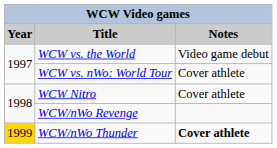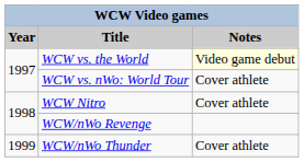 <table class="wikitable sortable">
 <tr style="text-align:center;">
 <th colspan=4 style="background:#B0C4DE;">WCW Video games</th>
 </tr>
 <tr style="text-align:center;">
 <th style="background:#ccc;">Year</th>
 <th style="background:#ccc;">Title</th>
 <th style="background:#ccc;">Notes</th>
 </tr>
 <tr>
 <td rowspan="2">1997</td>
 <td><em><a href='#'>WCW vs. the World</a></em></td>
-<td>Video game debut</td>
+<td style="background: lightyellow;">Video game debut</td>
 </tr>
 <tr>
 <td><em><a href='#'>WCW vs. nWo: World Tour</a></em></td>
 <td>Cover athlete</td>
 </tr>
 <tr>
 <td rowspan="2">1998</td>
 <td><em><a href='#'>WCW Nitro</a></em></td>
 <td>Cover athlete</td>
 </tr>
 <tr>
 <td><em><a href='#'>WCW/nWo Revenge</a></em></td>
 <td></td>
 </tr>
 <tr>
-<td style="background: gold;">1999</td>
+<td>1999</td>
 <td><em><a href='#'>WCW/nWo Thunder</a></em></td>
-<td><strong>Cover athlete</strong></td>
+<td>Cover athlete</td>
 </tr>
 </table>
